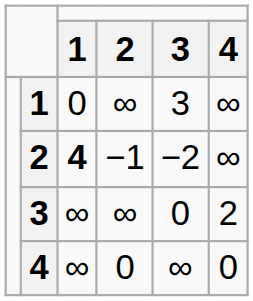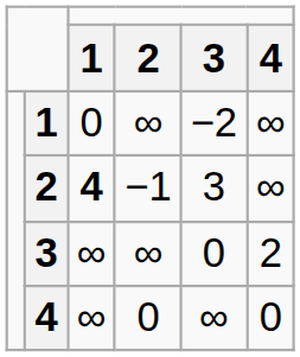 <table class=wikitable style="float:left; margin:10px; text-align:center;">
 <tr>
 <td colspan="2" rowspan="2"></td>
 <td colspan="4"></td>
 </tr>
 <tr>
 <th>1</th>
 <th>2</th>
 <th>3</th>
 <th>4</th>
 </tr>
 <tr>
 <td rowspan="4"></td>
 <th>1</th>
 <td>0</td>
 <td>∞</td>
-<td>3</td>
+<td>−2</td>
 <td>∞</td>
 </tr>
 <tr>
 <th>2</th>
 <td><strong>4</strong></td>
 <td>−1</td>
-<td>−2</td>
+<td>3</td>
 <td>∞</td>
 </tr>
 <tr>
 <th>3</th>
 <td>∞</td>
 <td>∞</td>
 <td>0</td>
 <td>2</td>
 </tr>
 <tr>
 <th>4</th>
 <td>∞</td>
 <td>0</td>
 <td>∞</td>
 <td>0</td>
 </tr>
 </table>
